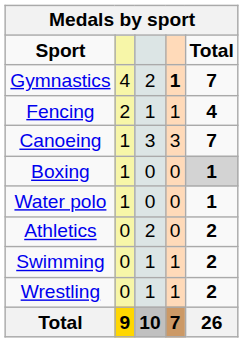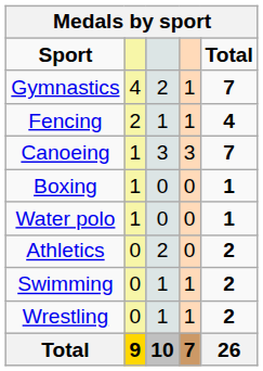 <table class="wikitable" style="font-size:85%; float:right;">
 <tr style="background:#efefef;">
 <th colspan=7>Medals by sport</th>
 </tr>
 <tr style="text-align:center">
 <td><strong>Sport</strong></td>
 <td bgcolor=#f7f6a8></td>
 <td bgcolor=#dce5e5></td>
 <td bgcolor=#ffdab9></td>
 <td><strong>Total</strong></td>
 </tr>
 <tr style="text-align:center">
 <td><a href='#'>Gymnastics</a></td>
 <td bgcolor=F7F6A8>4</td>
 <td bgcolor=DCE5E5>2</td>
-<td bgcolor=FFDAB9><strong>1</strong></td>
+<td bgcolor=FFDAB9>1</td>
 <td><strong>7</strong></td>
 </tr>
 <tr style="text-align:center">
 <td><a href='#'>Fencing</a></td>
 <td bgcolor=F7F6A8>2</td>
 <td bgcolor=DCE5E5>1</td>
 <td bgcolor=FFDAB9>1</td>
 <td><strong>4</strong></td>
 </tr>
 <tr style="text-align:center">
 <td><a href='#'>Canoeing</a></td>
 <td bgcolor=F7F6A8>1</td>
 <td bgcolor=DCE5E5>3</td>
 <td bgcolor=FFDAB9>3</td>
 <td><strong>7</strong></td>
 </tr>
 <tr style="text-align:center">
 <td><a href='#'>Boxing</a></td>
 <td bgcolor=F7F6A8>1</td>
 <td bgcolor=DCE5E5>0</td>
 <td bgcolor=FFDAB9>0</td>
-<td style="background: lightgrey;"><strong>1</strong></td>
+<td><strong>1</strong></td>
 </tr>
 <tr style="text-align:center">
 <td><a href='#'>Water polo</a></td>
 <td bgcolor=F7F6A8>1</td>
 <td bgcolor=DCE5E5>0</td>
 <td bgcolor=FFDAB9>0</td>
 <td><strong>1</strong></td>
 </tr>
 <tr style="text-align:center">
 <td><a href='#'>Athletics</a></td>
 <td bgcolor=F7F6A8>0</td>
 <td bgcolor=DCE5E5>2</td>
 <td bgcolor=FFDAB9>0</td>
 <td><strong>2</strong></td>
 </tr>
 <tr style="text-align:center">
 <td><a href='#'>Swimming</a></td>
 <td bgcolor=F7F6A8>0</td>
 <td bgcolor=DCE5E5>1</td>
 <td bgcolor=FFDAB9>1</td>
 <td><strong>2</strong></td>
 </tr>
 <tr style="text-align:center">
 <td><a href='#'>Wrestling</a></td>
 <td bgcolor=F7F6A8>0</td>
 <td bgcolor=DCE5E5>1</td>
 <td bgcolor=FFDAB9>1</td>
 <td><strong>2</strong></td>
 </tr>
 <tr style="text-align:center">
 <th>Total</th>
 <th style="background:gold">9</th>
 <th style="background:silver">10</th>
 <th style="background:#c96">7</th>
 <th>26</th>
 </tr>
 </table>
